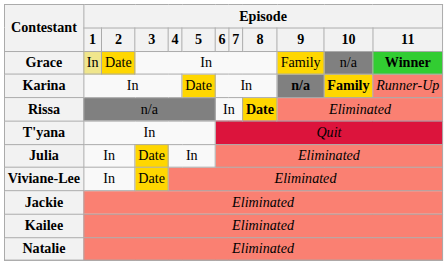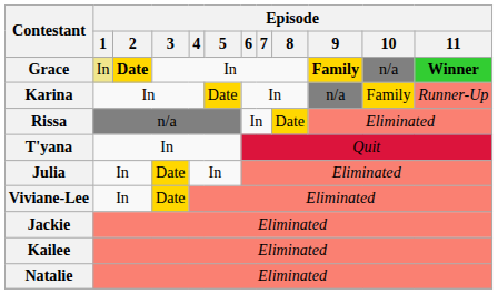 <table class="wikitable" style="text-align:center; font-size:90%;">
 <tr>
 <th rowspan="2">Contestant</th>
 <th colspan="11">Episode</th>
 </tr>
 <tr>
 <th>1</th>
 <th>2</th>
 <th>3</th>
 <th>4</th>
 <th>5</th>
 <th>6</th>
 <th>7</th>
 <th>8</th>
 <th>9</th>
 <th>10</th>
 <th>11</th>
 </tr>
 <tr>
 <th>Grace</th>
 <td style="background: khaki;">In</td>
-<td style="background:gold;">Date</td>
+<td style="background:gold;"><strong>Date</strong></td>
 <td colspan="6">In</td>
-<td style="background:gold;">Family</td>
+<td style="background:gold;"><strong>Family</strong></td>
 <td style="background:gray;">n/a</td>
 <td bgcolor="limegreen"><strong>Winner</strong></td>
 </tr>
 <tr>
 <th>Karina</th>
 <td colspan="4">In</td>
 <td style="background:gold;">Date</td>
 <td colspan="3">In</td>
-<td style="background:gray;"><strong>n/a</strong></td>
-<td style="background:gold;"><strong>Family</strong></td>
+<td style="background:gray;">n/a</td>
+<td style="background:gold;">Family</td>
 <td bgcolor="salmon"><em>Runner-Up</em></td>
 </tr>
 <tr>
 <th>Rissa</th>
 <td style="background:gray;" colspan="5">n/a</td>
 <td colspan="2">In</td>
-<td style="background:gold;"><strong>Date</strong></td>
+<td style="background:gold;">Date</td>
 <td style="background:salmon;" colspan="3"><em>Eliminated</em></td>
 </tr>
 <tr>
 <th>T'yana</th>
 <td colspan="5">In</td>
 <td style="background:crimson;" colspan="6"><span><em>Quit</em></span></td>
 </tr>
 <tr>
 <th>Julia</th>
 <td colspan="2">In</td>
 <td style="background:gold;">Date</td>
 <td colspan="2">In</td>
 <td style="background:salmon;" colspan="6"><em>Eliminated</em></td>
 </tr>
 <tr>
 <th>Viviane-Lee</th>
 <td colspan="2">In</td>
 <td style="background:gold;">Date</td>
 <td style="background:salmon;" colspan="8"><em>Eliminated</em></td>
 </tr>
 <tr>
 <th>Jackie</th>
 <td style="background:salmon;" colspan="11"><em>Eliminated</em></td>
 </tr>
 <tr>
 <th>Kailee</th>
 <td style="background:salmon;" colspan="11"><em>Eliminated</em></td>
 </tr>
 <tr>
 <th>Natalie</th>
 <td style="background:salmon;" colspan="11"><em>Eliminated</em></td>
 </tr>
 <tr>
 </tr>
 </table>
